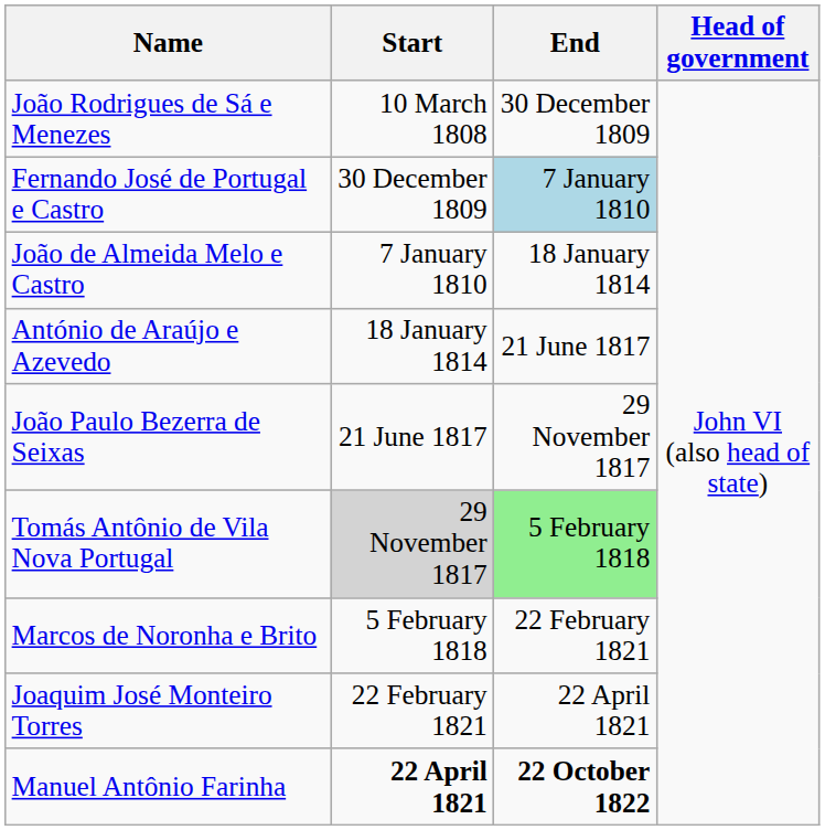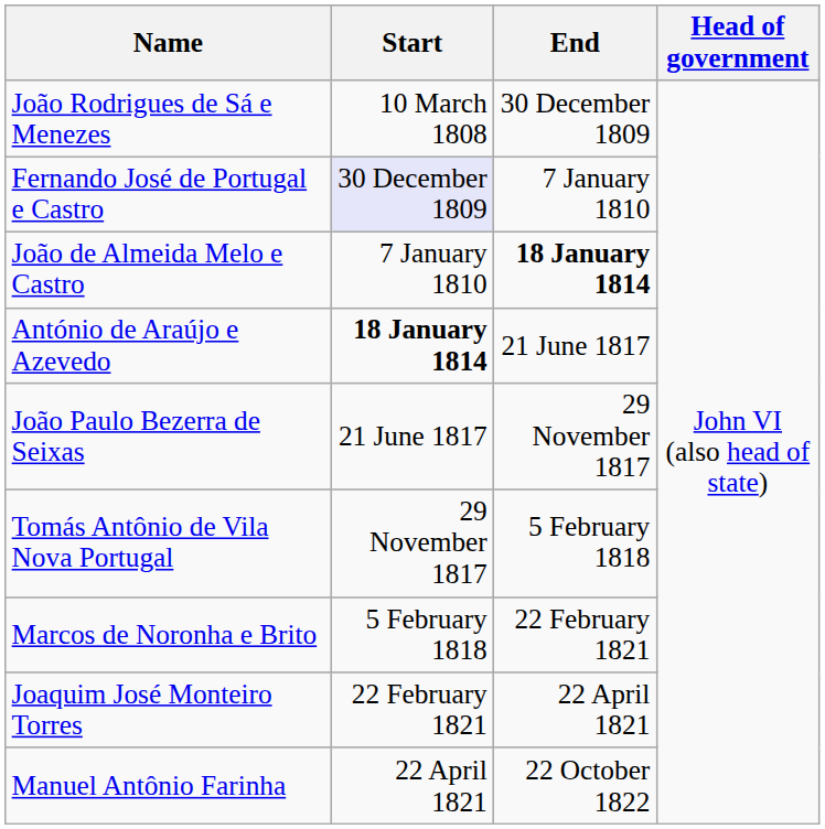 <table width="75%" class="wikitable">
 <tr>
 <th>Name</th>
 <th width="20%">Start</th>
 <th width="20%">End</th>
 <th width="20%"><a href='#'>Head of government</a></th>
 </tr>
 <tr>
 <td><a href='#'>João Rodrigues de Sá e Menezes</a></td>
 <td align="right">10 March 1808</td>
 <td align="right">30 December 1809</td>
 <td rowspan="9" align="center"><a href='#'>John VI</a><br>(also <a href='#'>head of state</a>)</td>
 </tr>
 <tr>
 <td><a href='#'>Fernando José de Portugal e Castro</a></td>
-<td align="right">30 December 1809</td>
-<td align="right" style="background: lightblue;">7 January 1810</td>
+<td align="right" style="background: lavender;">30 December 1809</td>
+<td align="right">7 January 1810</td>
 </tr>
 <tr>
 <td><a href='#'>João de Almeida Melo e Castro</a></td>
 <td align="right">7 January 1810</td>
-<td align="right">18 January 1814</td>
+<td align="right"><strong>18 January 1814</strong></td>
 </tr>
 <tr>
 <td><a href='#'>António de Araújo e Azevedo</a></td>
-<td align="right">18 January 1814</td>
+<td align="right"><strong>18 January 1814</strong></td>
 <td align="right">21 June 1817</td>
 </tr>
 <tr>
 <td><a href='#'>João Paulo Bezerra de Seixas</a></td>
 <td align="right">21 June 1817</td>
 <td align="right">29 November 1817</td>
 </tr>
 <tr>
 <td><a href='#'>Tomás Antônio de Vila Nova Portugal</a></td>
-<td align="right" style="background: lightgrey;">29 November 1817</td>
-<td align="right" style="background: lightgreen;">5 February 1818</td>
+<td align="right">29 November 1817</td>
+<td align="right">5 February 1818</td>
 </tr>
 <tr>
 <td><a href='#'>Marcos de Noronha e Brito</a></td>
 <td align="right">5 February 1818</td>
 <td align="right">22 February 1821</td>
 </tr>
 <tr>
 <td><a href='#'>Joaquim José Monteiro Torres</a></td>
 <td align="right">22 February 1821</td>
 <td align="right">22 April 1821</td>
 </tr>
 <tr>
 <td><a href='#'>Manuel Antônio Farinha</a></td>
-<td align="right"><strong>22 April 1821</strong></td>
-<td align="right"><strong>22 October 1822</strong></td>
+<td align="right">22 April 1821</td>
+<td align="right">22 October 1822</td>
 </tr>
 </table>
